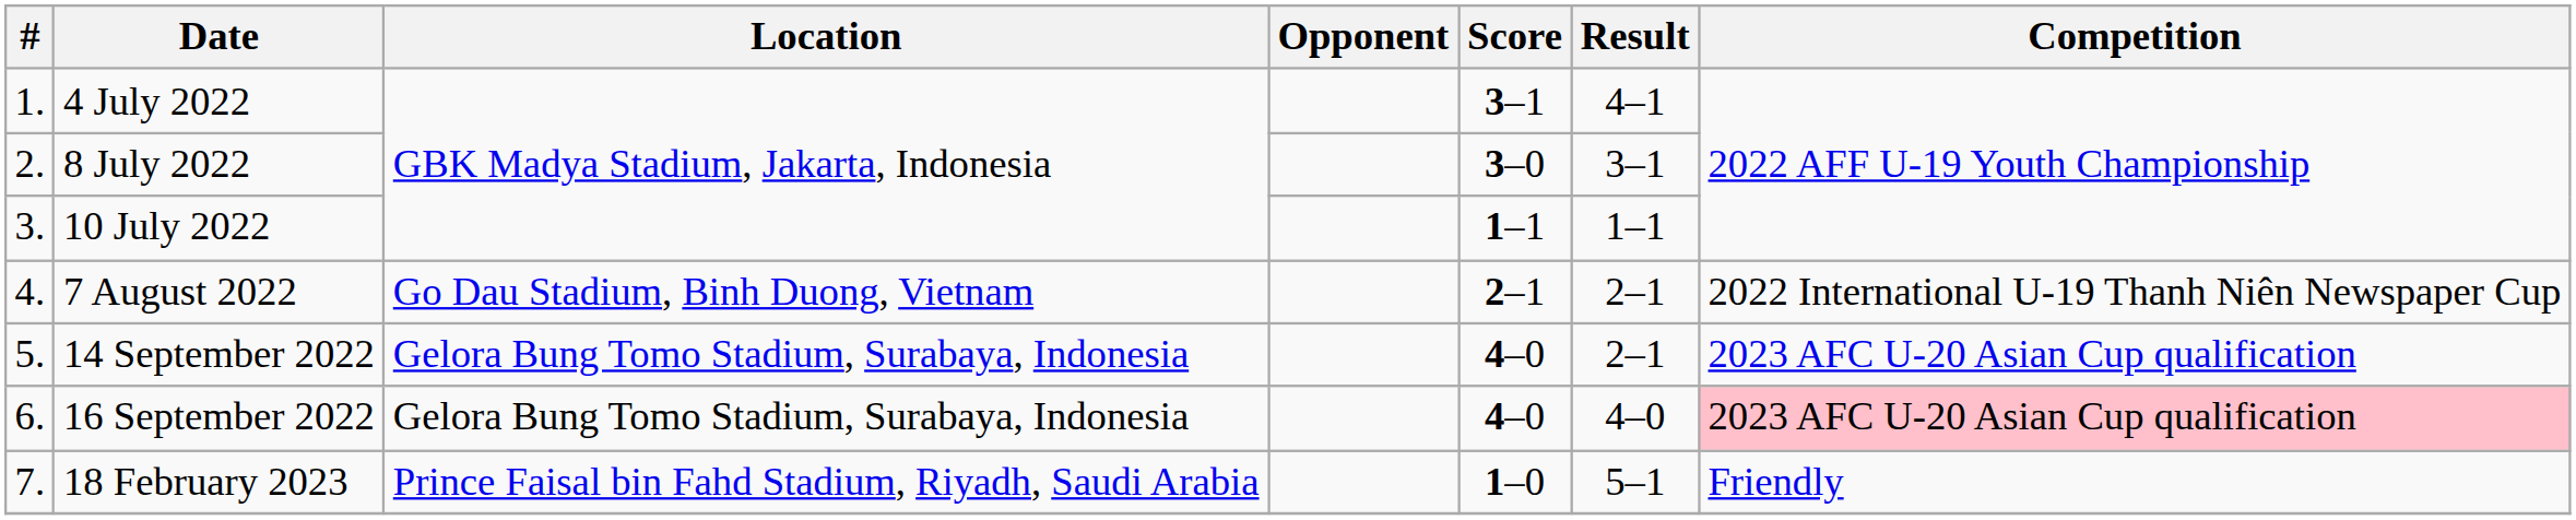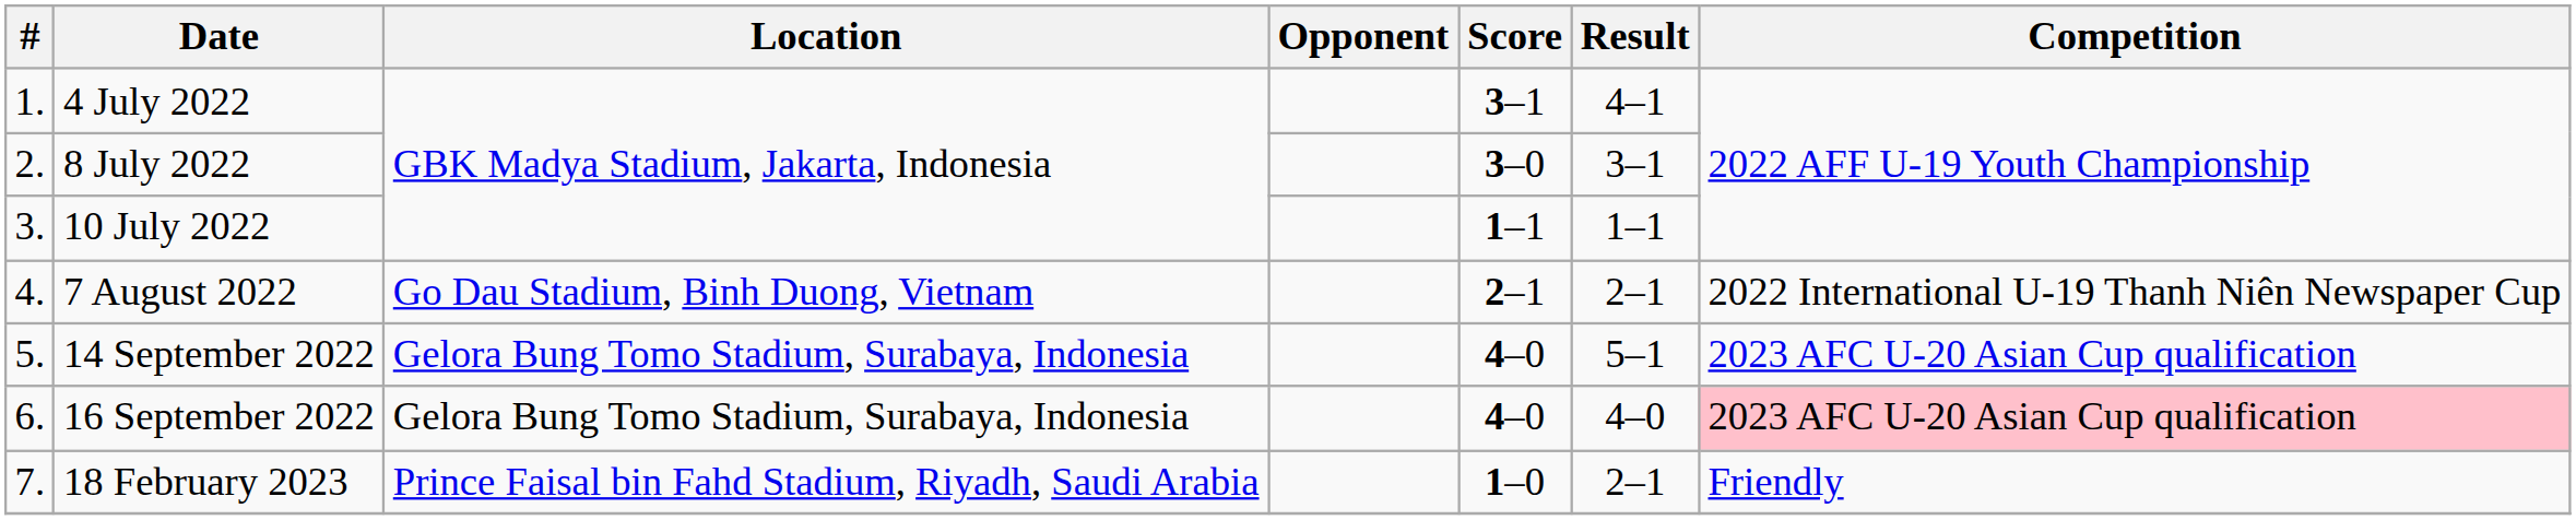 <table class="wikitable">
 <tr>
 <th>#</th>
 <th>Date</th>
 <th>Location</th>
 <th>Opponent</th>
 <th>Score</th>
 <th>Result</th>
 <th>Competition</th>
 </tr>
 <tr>
 <td align="center">1.</td>
 <td>4 July 2022</td>
 <td rowspan=3><a href='#'>GBK Madya Stadium</a>, <a href='#'>Jakarta</a>, Indonesia</td>
 <td></td>
 <td align="center"><strong>3</strong>–1</td>
 <td align="center">4–1</td>
 <td rowspan=3><a href='#'>2022 AFF U-19 Youth Championship</a></td>
 </tr>
 <tr>
 <td align="center">2.</td>
 <td>8 July 2022</td>
 <td></td>
 <td align="center"><strong>3</strong>–0</td>
 <td align="center">3–1</td>
 </tr>
 <tr>
 <td align="center">3.</td>
 <td>10 July 2022</td>
 <td></td>
 <td align="center"><strong>1</strong>–1</td>
 <td align="center">1–1</td>
 </tr>
 <tr>
 <td align="center">4.</td>
 <td>7 August 2022</td>
 <td><a href='#'>Go Dau Stadium</a>, <a href='#'>Binh Duong</a>, <a href='#'>Vietnam</a></td>
 <td></td>
 <td align="center"><strong>2</strong>–1</td>
 <td align="center">2–1</td>
 <td>2022 International U-19 Thanh Niên Newspaper Cup</td>
 </tr>
 <tr>
 <td align="center">5.</td>
 <td>14 September 2022</td>
 <td><a href='#'>Gelora Bung Tomo Stadium</a>, <a href='#'>Surabaya</a>, <a href='#'>Indonesia</a></td>
 <td></td>
 <td align="center"><strong>4</strong>–0</td>
-<td align="center">2–1</td>
+<td align="center">5–1</td>
 <td><a href='#'>2023 AFC U-20 Asian Cup qualification</a></td>
 </tr>
 <tr>
 <td align="center">6.</td>
 <td>16 September 2022</td>
 <td>Gelora Bung Tomo Stadium, Surabaya, Indonesia</td>
 <td></td>
 <td align="center"><strong>4</strong>–0</td>
 <td align="center">4–0</td>
 <td style="background: pink;">2023 AFC U-20 Asian Cup qualification</td>
 </tr>
 <tr>
 <td align="center">7.</td>
 <td>18 February 2023</td>
 <td><a href='#'>Prince Faisal bin Fahd Stadium</a>, <a href='#'>Riyadh</a>, <a href='#'>Saudi Arabia</a></td>
 <td></td>
 <td align="center"><strong>1</strong>–0</td>
-<td align="center">5–1</td>
+<td align="center">2–1</td>
 <td><a href='#'>Friendly</a></td>
 </tr>
 <tr>
 </tr>
 </table>
